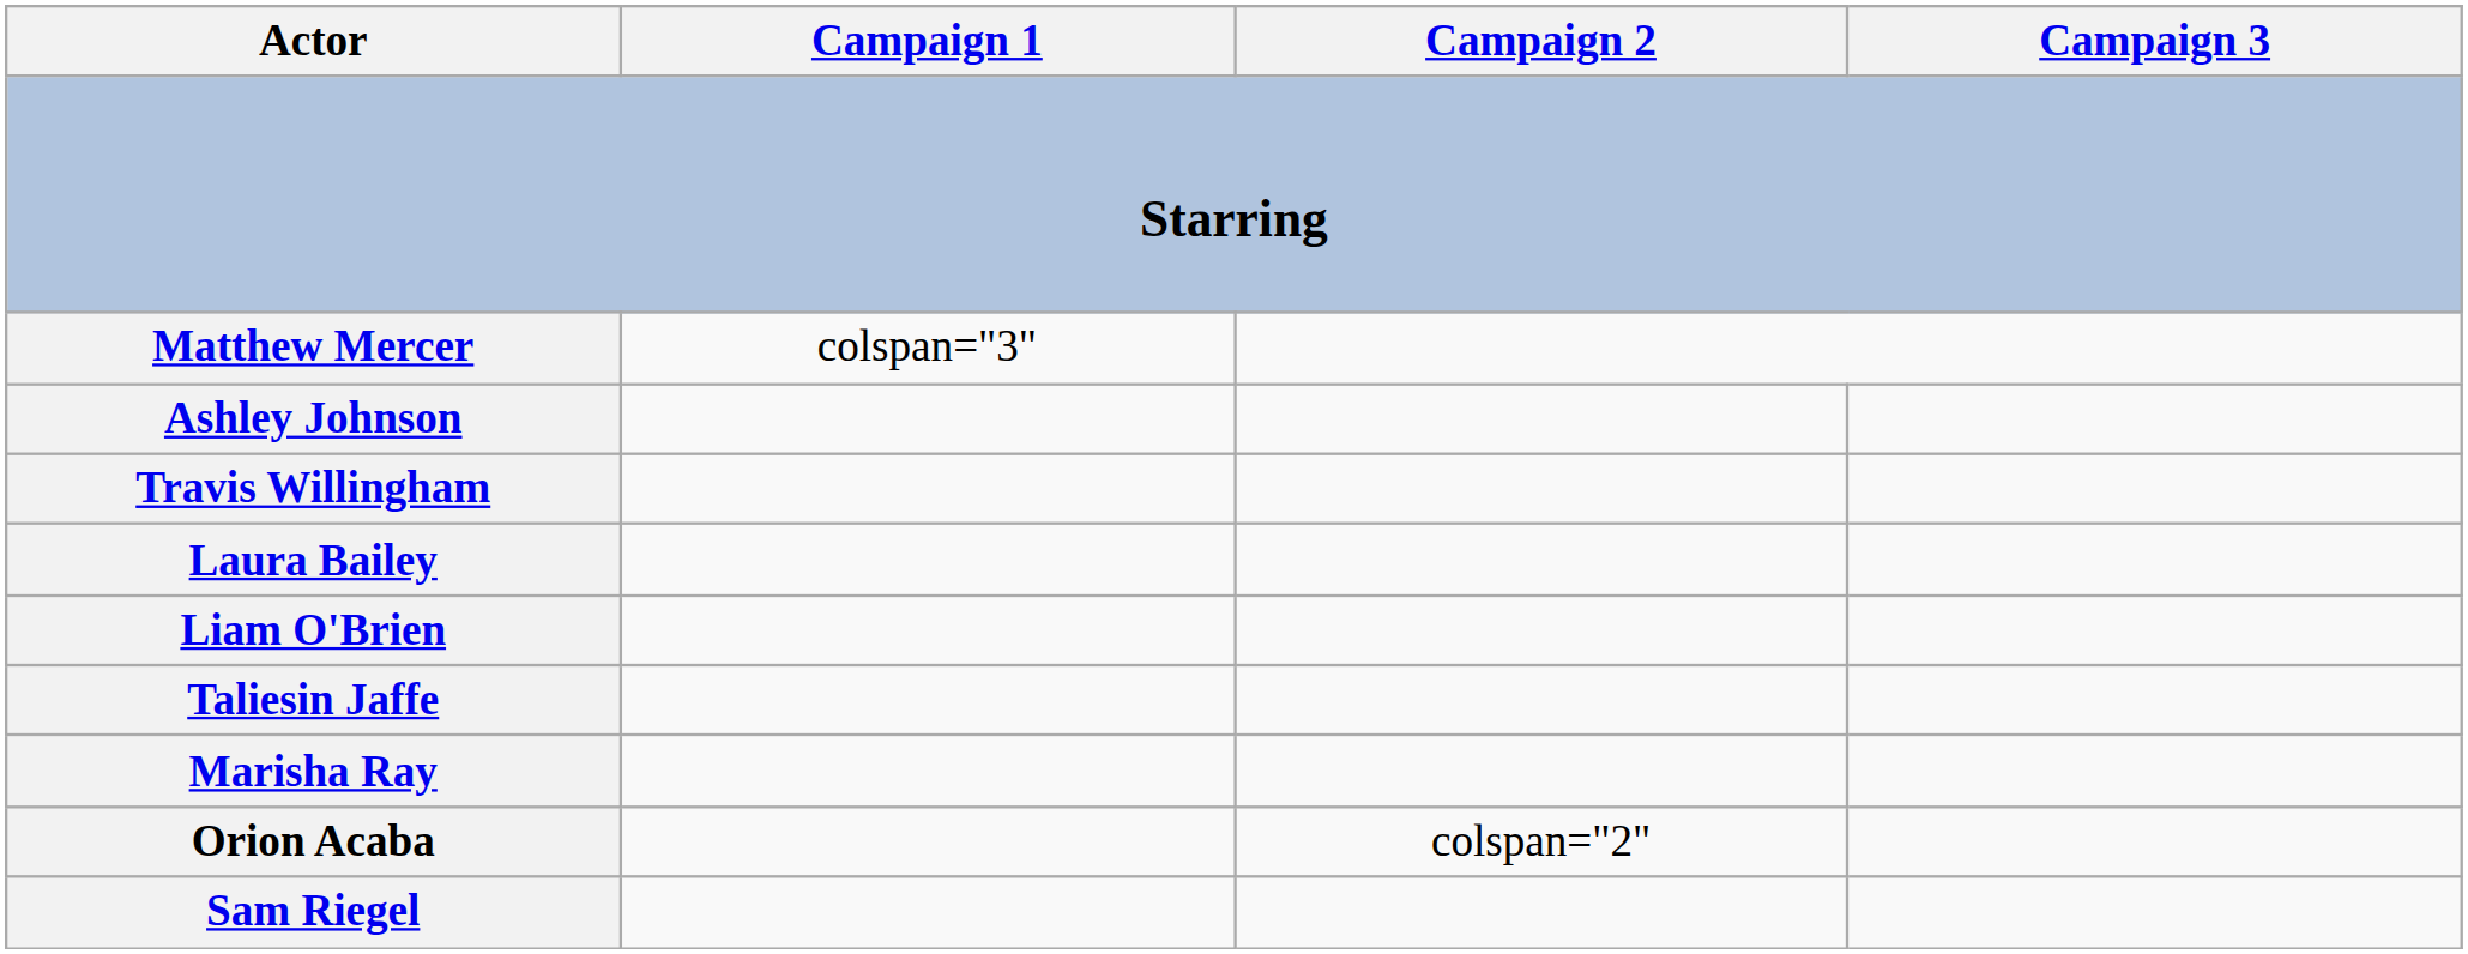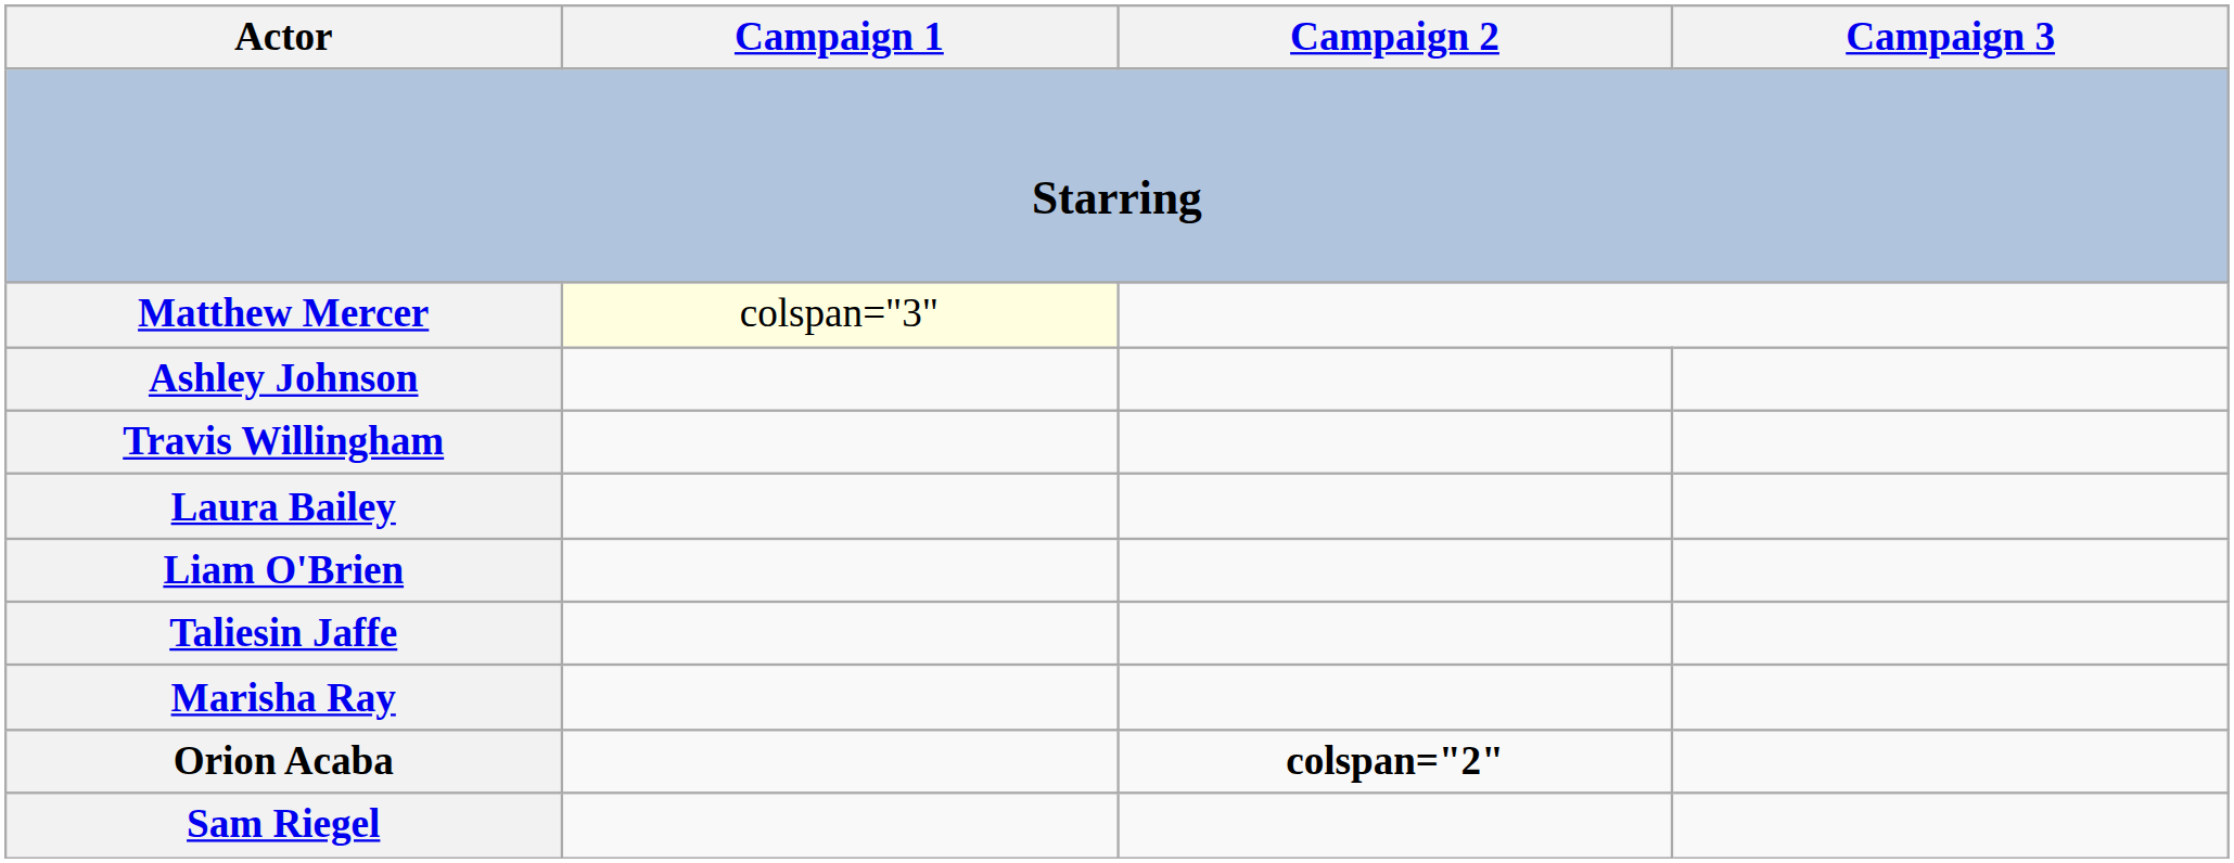 <table class="wikitable" style="text-align:center; width:100%; ">
 <tr>
 <th scope="col" width="16%">Actor</th>
 <th scope="col" style="width: 16%"><a href='#'>Campaign 1</a></th>
 <th scope="col" style="width: 16%"><a href='#'>Campaign 2</a></th>
 <th scope="col" style="width: 16%"><a href='#'>Campaign 3</a><br></th>
 </tr>
 <tr>
 <th colspan="6" style="background: LightSteelBlue;"><br><h3>Starring</h3></th>
 </tr>
 <tr>
 <th scope="row"><a href='#'>Matthew Mercer</a></th>
-<td>colspan="3" </td>
+<td style="background: lightyellow;">colspan="3" </td>
 </tr>
 <tr>
 <th scope="row"><a href='#'>Ashley Johnson</a></th>
 <td></td>
 <td></td>
 <td></td>
 </tr>
 <tr>
 <th scope="row"><a href='#'>Travis Willingham</a></th>
 <td></td>
 <td></td>
 <td></td>
 </tr>
 <tr>
 <th scope="row"><a href='#'>Laura Bailey</a></th>
 <td></td>
 <td></td>
 <td></td>
 </tr>
 <tr>
 <th scope="row"><a href='#'>Liam O'Brien</a></th>
 <td></td>
 <td></td>
 <td></td>
 </tr>
 <tr>
 <th scope="row"><a href='#'>Taliesin Jaffe</a></th>
 <td></td>
 <td></td>
 <td></td>
 </tr>
 <tr>
 <th scope="row"><a href='#'>Marisha Ray</a></th>
 <td></td>
 <td></td>
 <td></td>
 </tr>
 <tr>
 <th scope="row">Orion Acaba </th>
 <td></td>
-<td>colspan="2" </td>
+<td><strong>colspan="2" </strong></td>
 </tr>
 <tr>
 <th scope="row"><a href='#'>Sam Riegel</a></th>
 <td></td>
 <td></td>
 <td></td>
 </tr>
 </table>
